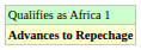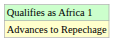 <table class="wikitable">
 <tr width=10px bgcolor=ccffcc>
 <td>Qualifies as Africa 1</td>
 </tr>
 <tr width=10px bgcolor=ffffcc>
-<td><strong>Advances to Repechage</strong></td>
+<td>Advances to Repechage</td>
 </tr>
 </table>
